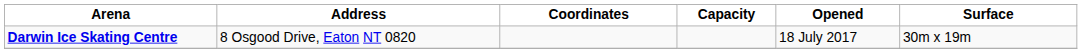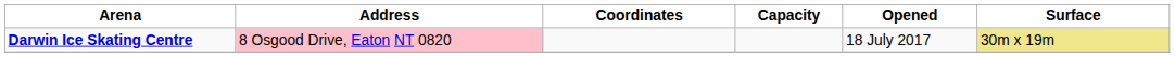 <table class="wikitable">
 <tr>
 <th style="background:white; width:12%">Arena</th>
 <th style="background:white; width:16%">Address</th>
 <th style="background:white; width:10%">Coordinates</th>
 <th style="background:white; width:5%">Capacity</th>
 <th style="background:white; width:7%">Opened</th>
 <th style="background:white; width:10%">Surface</th>
 </tr>
 <tr>
 <td><strong><a href='#'>Darwin Ice Skating Centre</a></strong></td>
-<td>8 Osgood Drive, <a href='#'>Eaton</a> <a href='#'>NT</a> 0820</td>
+<td style="background: pink;">8 Osgood Drive, <a href='#'>Eaton</a> <a href='#'>NT</a> 0820</td>
 <td></td>
 <td></td>
 <td>18 July 2017</td>
-<td>30m x 19m</td>
+<td style="background: khaki;">30m x 19m</td>
 </tr>
 <tr>
 </tr>
 </table>
